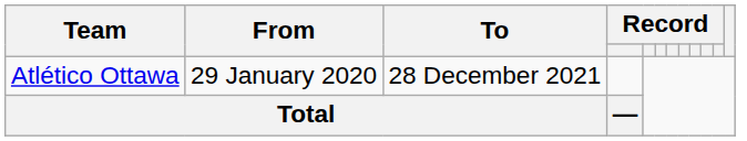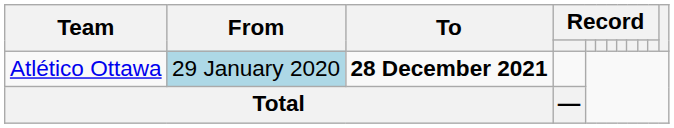 <table class="wikitable" style="text-align: center">
 <tr>
 <th rowspan="2">Team</th>
 <th rowspan="2">From</th>
 <th rowspan="2">To</th>
 <th colspan="8">Record</th>
 <th rowspan="2"></th>
 </tr>
 <tr>
 <th></th>
 <th></th>
 <th></th>
 <th></th>
 <th></th>
 <th></th>
 <th></th>
 <th></th>
 </tr>
 <tr>
 <td><a href='#'>Atlético Ottawa</a></td>
-<td>29 January 2020</td>
-<td>28 December 2021<br></td>
+<td style="background: lightblue;">29 January 2020</td>
+<td><strong>28 December 2021<br></strong></td>
 <td></td>
 </tr>
 <tr>
 <th colspan="3">Total<br></th>
 <th>—</th>
 </tr>
 </table>
